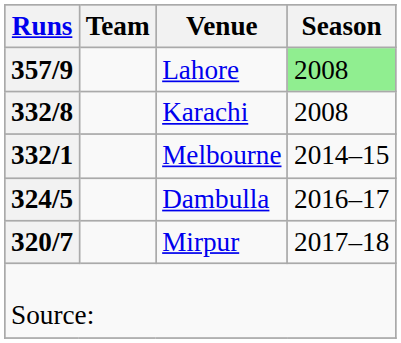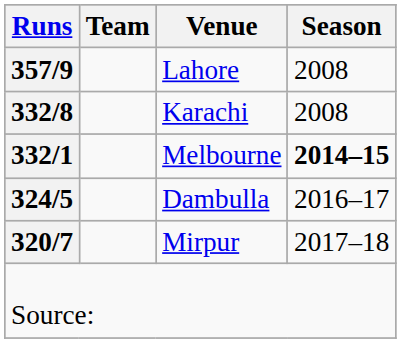 <table class="wikitable">
 <tr>
 <th align="center"><strong><a href='#'>Runs</a></strong></th>
 <th align="center"><strong>Team</strong></th>
 <th align="center"><strong>Venue</strong></th>
 <th align="center"><strong>Season</strong></th>
 </tr>
 <tr>
 <th>357/9</th>
 <td></td>
 <td><a href='#'>Lahore</a></td>
-<td style="background: lightgreen;">2008</td>
+<td>2008</td>
 </tr>
 <tr>
 <th>332/8</th>
 <td></td>
 <td><a href='#'>Karachi</a></td>
 <td>2008</td>
 </tr>
 <tr>
 <th>332/1</th>
 <td></td>
 <td><a href='#'>Melbourne</a></td>
-<td>2014–15</td>
+<td><strong>2014–15</strong></td>
 </tr>
 <tr>
 <th>324/5</th>
 <td></td>
 <td><a href='#'>Dambulla</a></td>
 <td>2016–17</td>
 </tr>
 <tr>
 <th>320/7</th>
 <td></td>
 <td><a href='#'>Mirpur</a></td>
 <td>2017–18</td>
 </tr>
 <tr>
 <td colspan="5"><br>Source:</td>
 </tr>
 </table>
